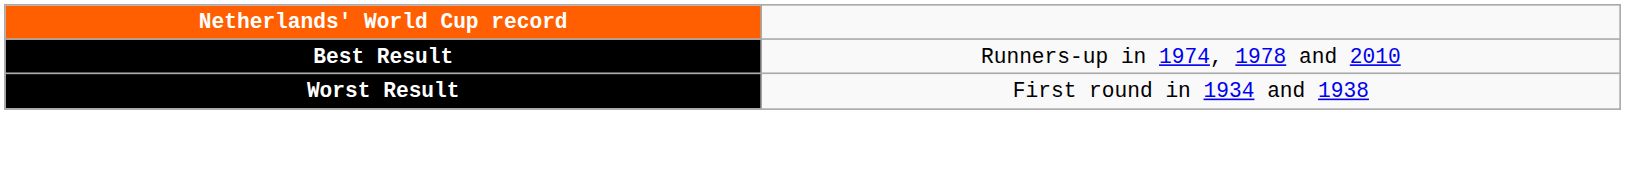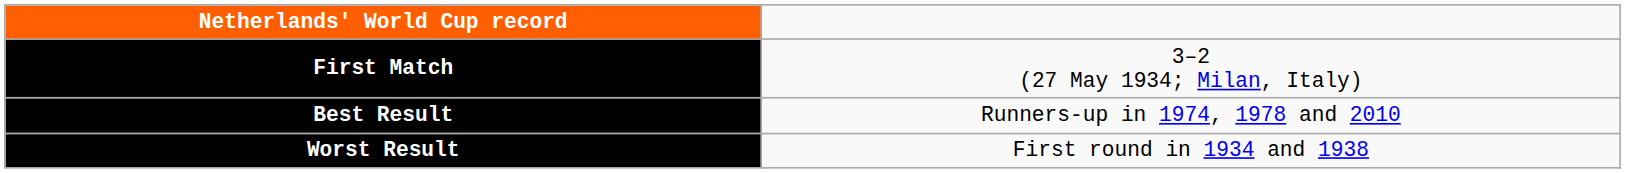 <table class="wikitable collapsible collapsed" style="width:50%;text-align:center">
 <tr>
 <th style="background:#FF5F00; color:white; ">Netherlands' World Cup record</th>
+</tr>
+<tr>
+<th style="background:black; color:white; ">First Match</th>
+<td> 3–2 <br> (27 May 1934; <a href='#'>Milan</a>, Italy)</td>
 </tr>
 <tr>
 <th style="background:black; color:white; ">Best Result</th>
 <td>Runners-up in <a href='#'>1974</a>, <a href='#'>1978</a> and <a href='#'>2010</a></td>
 </tr>
 <tr>
 <th style="background:black; color:white; ">Worst Result</th>
 <td>First round in <a href='#'>1934</a> and <a href='#'>1938</a></td>
 </tr>
 </table>
